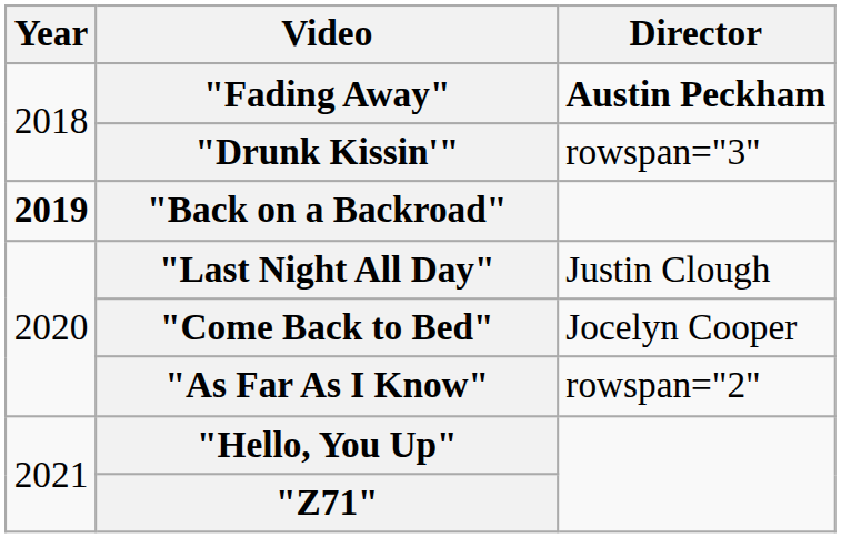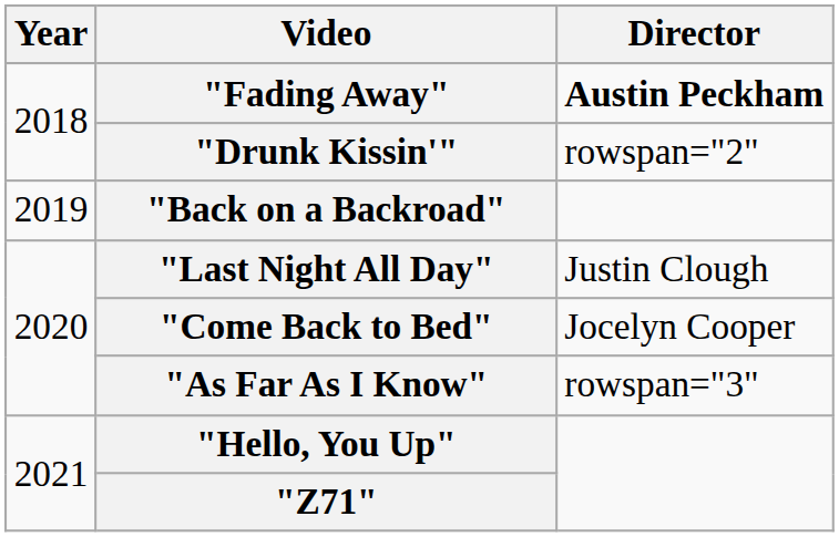 <table class="wikitable plainrowheaders">
 <tr>
 <th style="width:1em;">Year</th>
 <th style="width:12em;">Video</th>
 <th>Director</th>
 </tr>
 <tr>
 <td rowspan="2">2018</td>
 <th scope="row">"Fading Away"</th>
 <td><strong>Austin Peckham</strong></td>
 </tr>
 <tr>
 <th scope="row">"Drunk Kissin'"</th>
-<td>rowspan="3" </td>
+<td>rowspan="2" </td>
 </tr>
 <tr>
-<td><strong>2019</strong></td>
+<td>2019</td>
 <th scope="row">"Back on a Backroad"</th>
 </tr>
 <tr>
 <td rowspan="3">2020</td>
 <th scope="row">"Last Night All Day"</th>
 <td>Justin Clough</td>
 </tr>
 <tr>
 <th scope="row">"Come Back to Bed"</th>
 <td>Jocelyn Cooper</td>
 </tr>
 <tr>
 <th scope="row">"As Far As I Know"</th>
-<td>rowspan="2" </td>
+<td>rowspan="3" </td>
 </tr>
 <tr>
 <td rowspan="2">2021</td>
 <th scope="row">"Hello, You Up"</th>
 </tr>
 <tr>
 <th scope="row">"Z71"</th>
 </tr>
 </table>
